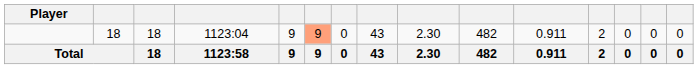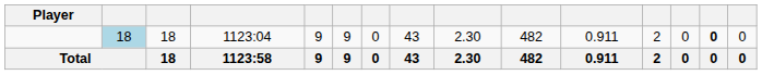 <table class="wikitable sortable" style="width:100%; text-align:center;">
 <tr>
 <th>Player</th>
 <th></th>
 <th></th>
 <th></th>
 <th></th>
 <th></th>
 <th></th>
 <th></th>
 <th></th>
 <th></th>
 <th></th>
 <th></th>
 <th></th>
 <th></th>
 <th></th>
 </tr>
 <tr>
 <td></td>
-<td>18</td>
+<td style="background: lightblue;">18</td>
 <td>18</td>
 <td>1123:04</td>
 <td>9</td>
-<td style="background: lightsalmon;">9</td>
+<td>9</td>
 <td>0</td>
 <td>43</td>
 <td>2.30</td>
 <td>482</td>
 <td>0.911</td>
 <td>2</td>
 <td>0</td>
-<td>0</td>
+<td><strong>0</strong></td>
 <td>0</td>
 </tr>
 <tr class="sortbottom">
 <th colspan=2>Total</th>
 <th>18</th>
 <th>1123:58</th>
 <th>9</th>
 <th>9</th>
 <th>0</th>
 <th>43</th>
 <th>2.30</th>
 <th>482</th>
 <th>0.911</th>
 <th>2</th>
 <th>0</th>
 <th>0</th>
 <th>0</th>
 </tr>
 </table>
